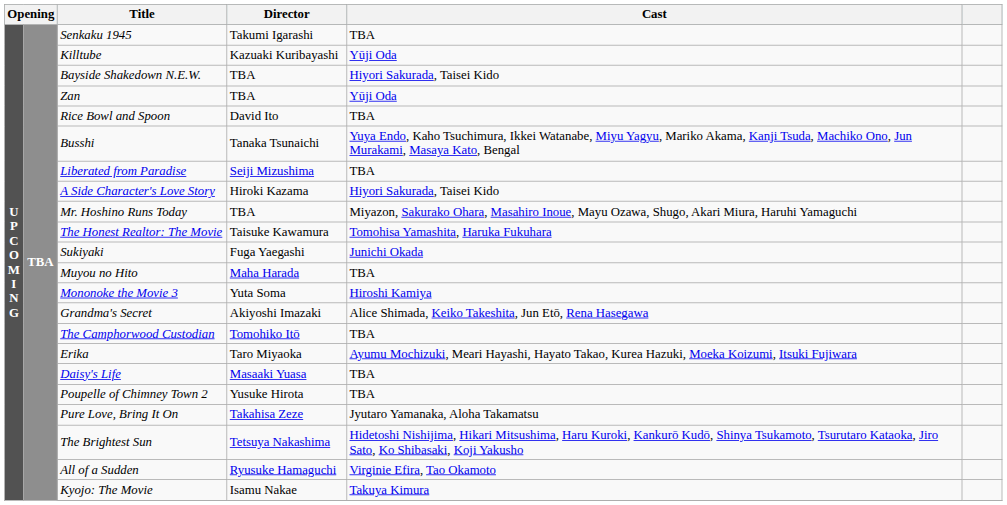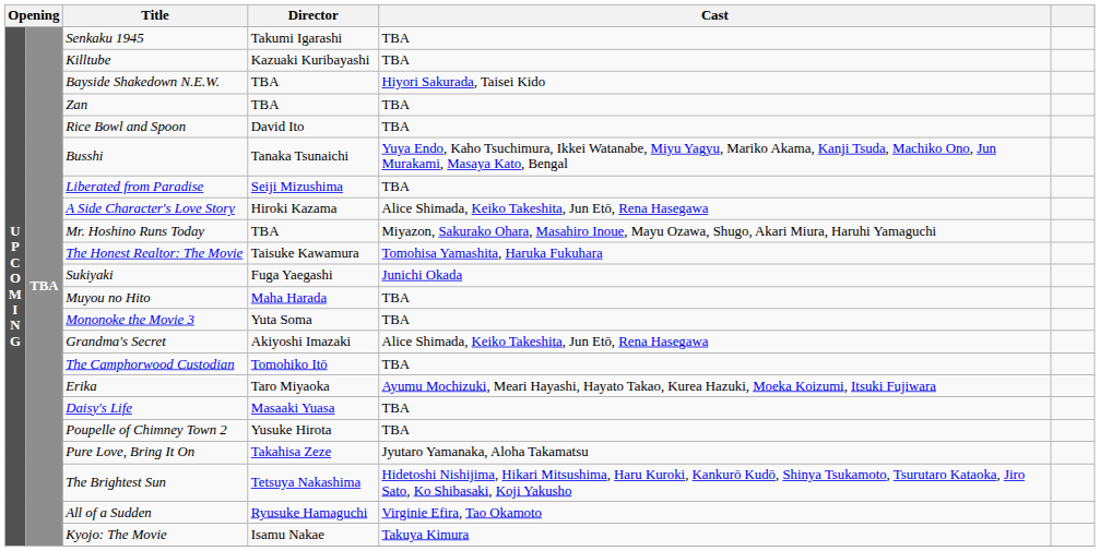 <table class="wikitable sortable">
 <tr style="background:#b0e0e6; text-align:center">
 <th colspan="2">Opening</th>
 <th style="width:17%">Title</th>
 <th style="width:12%">Director</th>
 <th>Cast</th>
 <th style="width:4%;"></th>
 </tr>
 <tr>
 <th rowspan="99" style="text-align:center; background:#525252; color:white; textcolor:#000;">U<br>P<br>C<br>O<br>M<br>I<br>N<br>G</th>
 <td rowspan="99" style="text-align:center; background:#8E8E8E; color:white;"><strong>TBA</strong></td>
 <td><em>Senkaku 1945</em></td>
 <td>Takumi Igarashi</td>
 <td>TBA</td>
 <td></td>
 </tr>
 <tr>
 <td><em>Killtube</em></td>
 <td>Kazuaki Kuribayashi</td>
-<td><a href='#'>Yūji Oda</a></td>
+<td>TBA</td>
 <td></td>
 </tr>
 <tr>
 <td><em>Bayside Shakedown N.E.W.</em></td>
 <td>TBA</td>
 <td><a href='#'>Hiyori Sakurada</a>, Taisei Kido</td>
 <td></td>
 </tr>
 <tr>
 <td><em>Zan</em></td>
 <td>TBA</td>
-<td><a href='#'>Yūji Oda</a></td>
+<td>TBA</td>
 <td></td>
 </tr>
 <tr>
 <td><em>Rice Bowl and Spoon</em></td>
 <td>David Ito</td>
 <td>TBA</td>
 <td></td>
 </tr>
 <tr>
 <td><em>Busshi</em></td>
 <td>Tanaka Tsunaichi</td>
 <td><a href='#'>Yuya Endo</a>, Kaho Tsuchimura, Ikkei Watanabe, <a href='#'>Miyu Yagyu</a>, Mariko Akama, <a href='#'>Kanji Tsuda</a>, <a href='#'>Machiko Ono</a>, <a href='#'>Jun Murakami</a>, <a href='#'>Masaya Kato</a>, Bengal</td>
 <td></td>
 </tr>
 <tr>
 <td><em><a href='#'>Liberated from Paradise</a> </em></td>
 <td><a href='#'>Seiji Mizushima</a></td>
 <td>TBA</td>
 <td></td>
 </tr>
 <tr>
 <td><em><a href='#'>A Side Character's Love Story</a></em></td>
 <td>Hiroki Kazama</td>
-<td><a href='#'>Hiyori Sakurada</a>, Taisei Kido</td>
+<td>Alice Shimada, <a href='#'>Keiko Takeshita</a>, Jun Etō, <a href='#'>Rena Hasegawa</a></td>
 <td></td>
 </tr>
 <tr>
 <td><em>Mr. Hoshino Runs Today</em></td>
 <td>TBA</td>
 <td>Miyazon, <a href='#'>Sakurako Ohara</a>, <a href='#'>Masahiro Inoue</a>, Mayu Ozawa, Shugo, Akari Miura, Haruhi Yamaguchi</td>
 <td></td>
 </tr>
 <tr>
 <td><em><a href='#'>The Honest Realtor: The Movie</a></em></td>
 <td>Taisuke Kawamura</td>
 <td><a href='#'>Tomohisa Yamashita</a>, <a href='#'>Haruka Fukuhara</a></td>
 <td></td>
 </tr>
 <tr>
 <td><em>Sukiyaki</em></td>
 <td>Fuga Yaegashi</td>
 <td><a href='#'>Junichi Okada</a></td>
 <td></td>
 </tr>
 <tr>
 <td><em>Muyou no Hito</em></td>
 <td><a href='#'>Maha Harada</a></td>
 <td>TBA</td>
 <td></td>
 </tr>
 <tr>
 <td><em><a href='#'>Mononoke the Movie 3</a></em></td>
 <td>Yuta Soma</td>
-<td><a href='#'>Hiroshi Kamiya</a></td>
+<td>TBA</td>
 <td></td>
 </tr>
 <tr>
 <td><em>Grandma's Secret</em></td>
 <td>Akiyoshi Imazaki</td>
 <td>Alice Shimada, <a href='#'>Keiko Takeshita</a>, Jun Etō, <a href='#'>Rena Hasegawa</a></td>
 <td></td>
 </tr>
 <tr>
 <td><em><a href='#'>The Camphorwood Custodian</a></em></td>
 <td><a href='#'>Tomohiko Itō</a></td>
 <td>TBA</td>
 <td></td>
 </tr>
 <tr>
 <td><em>Erika</em></td>
 <td>Taro Miyaoka</td>
 <td><a href='#'>Ayumu Mochizuki</a>, Meari Hayashi, Hayato Takao, Kurea Hazuki, <a href='#'>Moeka Koizumi</a>, <a href='#'>Itsuki Fujiwara</a></td>
 <td></td>
 </tr>
 <tr>
 <td><em><a href='#'>Daisy's Life</a></em></td>
 <td><a href='#'>Masaaki Yuasa</a></td>
 <td>TBA</td>
 <td></td>
 </tr>
 <tr>
 <td><em>Poupelle of Chimney Town 2</em></td>
 <td>Yusuke Hirota</td>
 <td>TBA</td>
 <td></td>
 </tr>
 <tr>
 <td><em>Pure Love, Bring It On</em></td>
 <td><a href='#'>Takahisa Zeze</a></td>
 <td>Jyutaro Yamanaka, Aloha Takamatsu</td>
 <td></td>
 </tr>
 <tr>
 <td><em>The Brightest Sun</em></td>
 <td><a href='#'>Tetsuya Nakashima</a></td>
 <td><a href='#'>Hidetoshi Nishijima</a>, <a href='#'>Hikari Mitsushima</a>, <a href='#'>Haru Kuroki</a>, <a href='#'>Kankurō Kudō</a>, <a href='#'>Shinya Tsukamoto</a>, <a href='#'>Tsurutaro Kataoka</a>, <a href='#'>Jiro Sato</a>, <a href='#'>Ko Shibasaki</a>, <a href='#'>Koji Yakusho</a></td>
 <td></td>
 </tr>
 <tr>
 <td><em>All of a Sudden</em></td>
 <td><a href='#'>Ryusuke Hamaguchi</a></td>
 <td><a href='#'>Virginie Efira</a>, <a href='#'>Tao Okamoto</a></td>
 <td></td>
 </tr>
 <tr>
 <td><em>Kyojo: The Movie</em></td>
 <td>Isamu Nakae</td>
 <td><a href='#'>Takuya Kimura</a></td>
 <td></td>
 </tr>
 <tr>
 </tr>
 </table>
